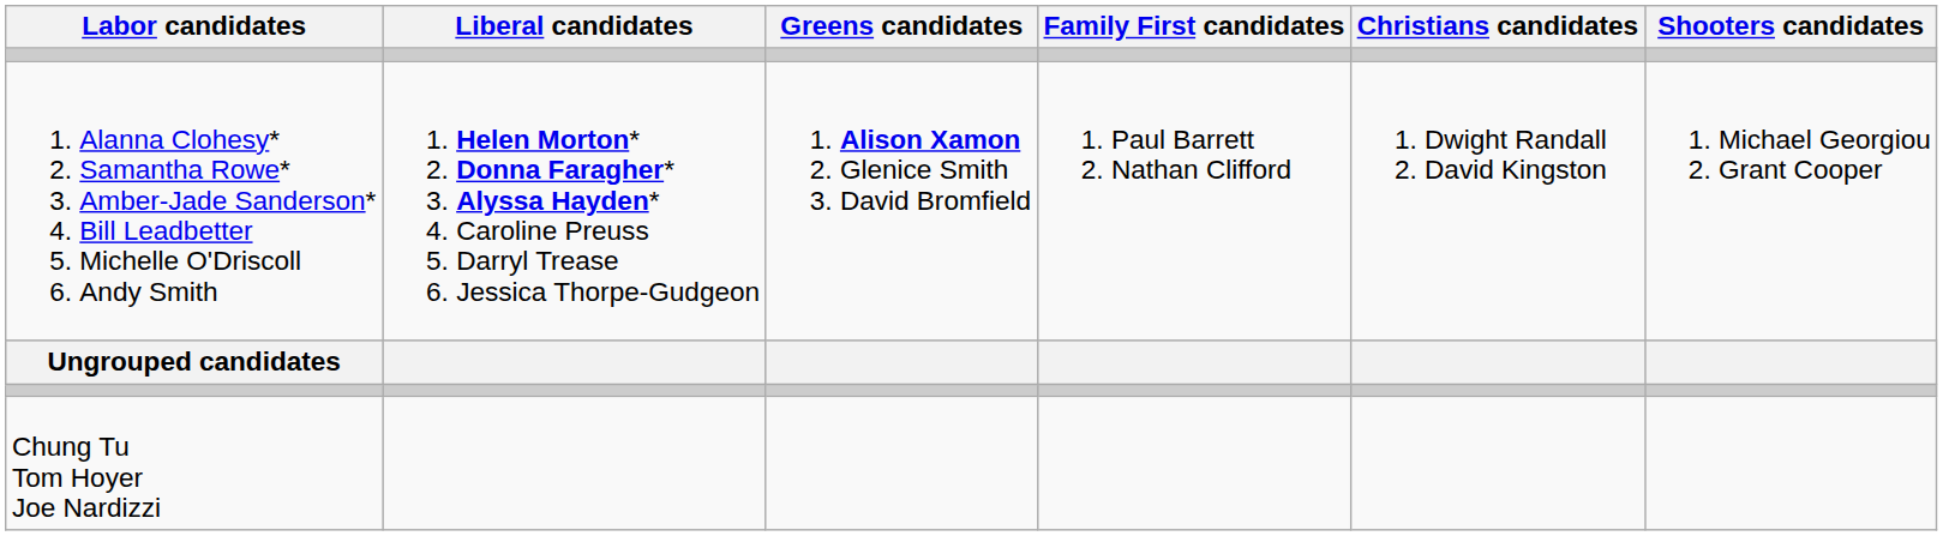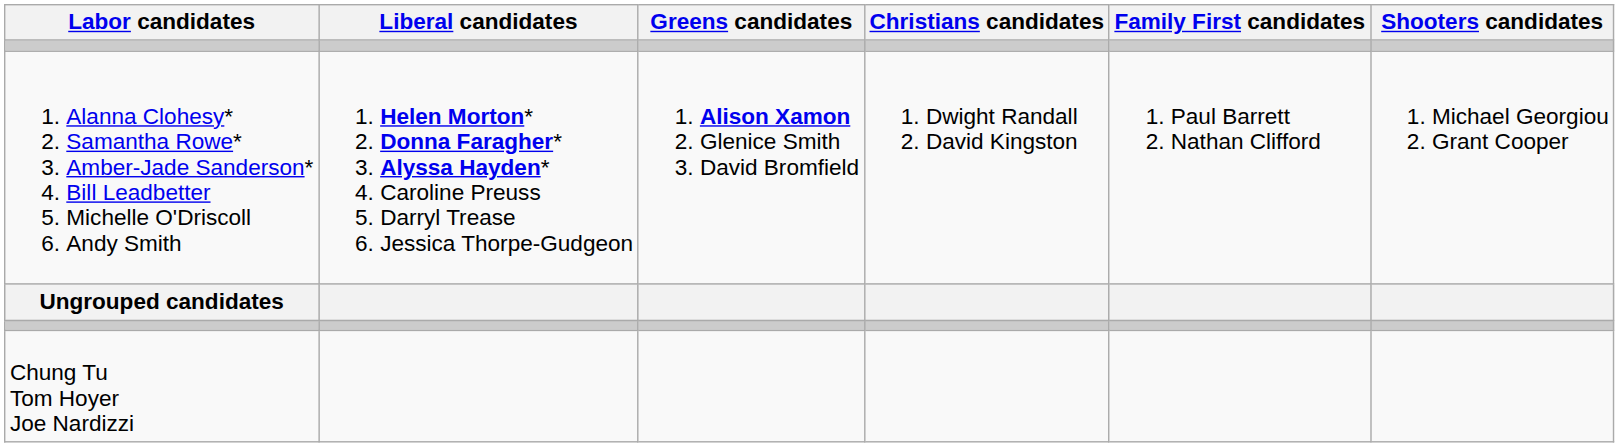 <table class="wikitable">
 <tr>
 <th><a href='#'>Labor</a> candidates</th>
 <th><a href='#'>Liberal</a> candidates</th>
 <th><a href='#'>Greens</a> candidates</th>
+<th><a href='#'>Christians</a> candidates</th>
 <th><a href='#'>Family First</a> candidates</th>
-<th><a href='#'>Christians</a> candidates</th>
 <th><a href='#'>Shooters</a> candidates</th>
 </tr>
 <tr bgcolor="#cccccc">
 <td></td>
 <td></td>
 <td></td>
 <td></td>
 <td></td>
 <td></td>
 </tr>
 <tr>
 <td><br><ol><li><a href='#'>Alanna Clohesy</a>*</li><li><a href='#'>Samantha Rowe</a>*</li><li><a href='#'>Amber-Jade Sanderson</a>*</li><li><a href='#'>Bill Leadbetter</a></li><li>Michelle O'Driscoll</li><li>Andy Smith</li></ol></td>
 <td><br><ol><li><strong><a href='#'>Helen Morton</a></strong>*</li><li><strong><a href='#'>Donna Faragher</a></strong>*</li><li><strong><a href='#'>Alyssa Hayden</a></strong>*</li><li>Caroline Preuss</li><li>Darryl Trease</li><li>Jessica Thorpe-Gudgeon</li></ol></td>
 <td valign=top><br><ol><li><strong><a href='#'>Alison Xamon</a></strong></li><li>Glenice Smith</li><li>David Bromfield</li></ol></td>
+<td valign=top><br><ol><li>Dwight Randall</li><li>David Kingston</li></ol></td>
 <td valign=top><br><ol><li>Paul Barrett</li><li>Nathan Clifford</li></ol></td>
-<td valign=top><br><ol><li>Dwight Randall</li><li>David Kingston</li></ol></td>
 <td valign=top><br><ol><li>Michael Georgiou</li><li>Grant Cooper</li></ol></td>
 </tr>
 <tr bgcolor="#cccccc">
 <th>Ungrouped candidates</th>
 <th></th>
 <th></th>
 <th></th>
 <th></th>
 <th></th>
 </tr>
 <tr bgcolor="#cccccc">
 <td></td>
 <td></td>
 <td></td>
 <td></td>
 <td></td>
 <td></td>
 </tr>
 <tr>
 <td valign=top><br>Chung Tu <br> Tom Hoyer <br> Joe Nardizzi</td>
 <td valign=top></td>
 <td valign=top></td>
 <td valign=top></td>
 <td valign=top></td>
 <td valign=top></td>
 </tr>
 </table>
